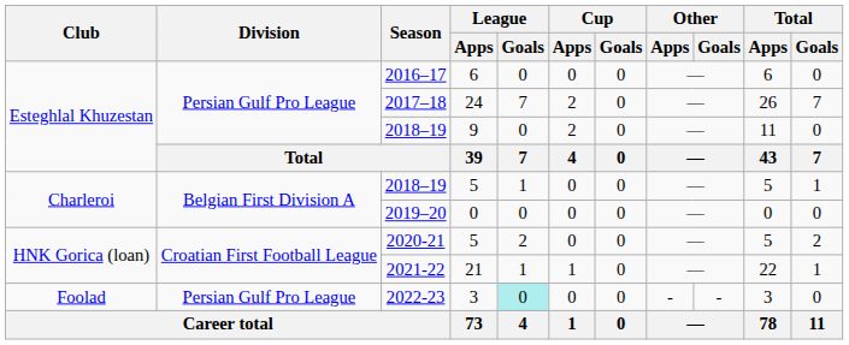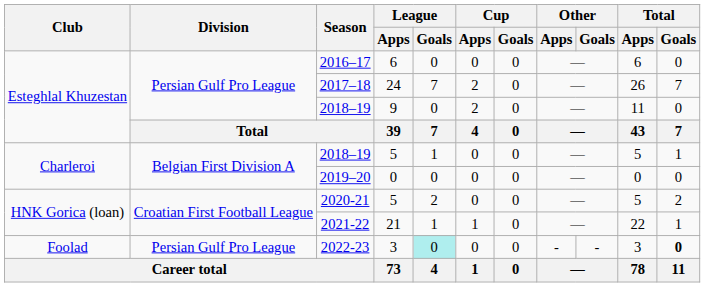 <table class="wikitable" style="text-align: center;">
 <tr>
 <th rowspan="2">Club</th>
 <th rowspan="2">Division</th>
 <th rowspan="2">Season</th>
 <th colspan="2">League</th>
 <th colspan="2">Cup</th>
 <th colspan="2">Other</th>
 <th colspan="2">Total</th>
 </tr>
 <tr>
 <th>Apps</th>
 <th>Goals</th>
 <th>Apps</th>
 <th>Goals</th>
 <th>Apps</th>
 <th>Goals</th>
 <th>Apps</th>
 <th>Goals</th>
 </tr>
 <tr>
 <td rowspan="4"><a href='#'>Esteghlal Khuzestan</a></td>
 <td rowspan="3"><a href='#'>Persian Gulf Pro League</a></td>
 <td><a href='#'>2016–17</a></td>
 <td>6</td>
 <td>0</td>
 <td>0</td>
 <td>0</td>
 <td colspan=2>—</td>
 <td>6</td>
 <td>0</td>
 </tr>
 <tr>
 <td><a href='#'>2017–18</a></td>
 <td>24</td>
 <td>7</td>
 <td>2</td>
 <td>0</td>
 <td colspan=2>—</td>
 <td>26</td>
 <td>7</td>
 </tr>
 <tr>
 <td><a href='#'>2018–19</a></td>
 <td>9</td>
 <td>0</td>
 <td>2</td>
 <td>0</td>
 <td colspan=2>—</td>
 <td>11</td>
 <td>0</td>
 </tr>
 <tr>
 <th colspan=2>Total</th>
 <th>39</th>
 <th>7</th>
 <th>4</th>
 <th>0</th>
 <th colspan=2>—</th>
 <th>43</th>
 <th>7</th>
 </tr>
 <tr>
 <td rowspan="2"><a href='#'>Charleroi</a></td>
 <td rowspan="2"><a href='#'>Belgian First Division A</a></td>
 <td><a href='#'>2018–19</a></td>
 <td>5</td>
 <td>1</td>
 <td>0</td>
 <td>0</td>
 <td colspan="2">—</td>
 <td>5</td>
 <td>1</td>
 </tr>
 <tr>
 <td><a href='#'>2019–20</a></td>
 <td>0</td>
 <td>0</td>
 <td>0</td>
 <td>0</td>
 <td colspan="2">—</td>
 <td>0</td>
 <td>0</td>
 </tr>
 <tr>
 <td rowspan="2"><a href='#'>HNK Gorica</a> (loan)</td>
 <td rowspan="2"><a href='#'>Croatian First Football League</a></td>
 <td><a href='#'>2020-21</a></td>
 <td>5</td>
 <td>2</td>
 <td>0</td>
 <td>0</td>
 <td colspan="2">—</td>
 <td>5</td>
 <td>2</td>
 </tr>
 <tr>
 <td><a href='#'>2021-22</a></td>
 <td>21</td>
 <td>1</td>
 <td>1</td>
 <td>0</td>
 <td colspan="2">—</td>
 <td>22</td>
 <td>1</td>
 </tr>
 <tr>
 <td><a href='#'>Foolad</a></td>
 <td><a href='#'>Persian Gulf Pro League</a></td>
 <td><a href='#'>2022-23</a></td>
 <td>3</td>
 <td style="background: paleturquoise;">0</td>
 <td>0</td>
 <td>0</td>
 <td>-</td>
 <td>-</td>
 <td>3</td>
-<td>0</td>
+<td><strong>0</strong></td>
 </tr>
 <tr>
 <th colspan="3">Career total</th>
 <th>73</th>
 <th>4</th>
 <th>1</th>
 <th>0</th>
 <th colspan="2">—</th>
 <th>78</th>
 <th>11</th>
 </tr>
 </table>
